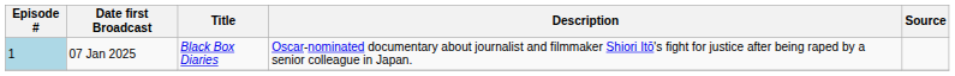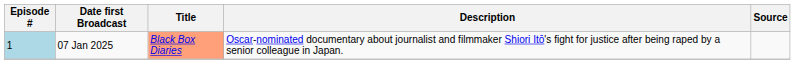 <table class="wikitable">
 <tr>
 <th>Episode #</th>
 <th>Date first Broadcast</th>
 <th>Title</th>
 <th>Description</th>
 <th>Source</th>
 </tr>
 <tr>
 <td style="background: lightblue;">1</td>
 <td>07 Jan 2025</td>
-<td><em><a href='#'>Black Box Diaries</a></em></td>
+<td style="background: lightsalmon;"><em><a href='#'>Black Box Diaries</a></em></td>
 <td><a href='#'>Oscar</a>-<a href='#'>nominated</a> documentary about journalist and filmmaker <a href='#'>Shiori Itō</a>'s fight for justice after being raped by a senior colleague in Japan.</td>
 <td></td>
 </tr>
 <tr>
 </tr>
 </table>
